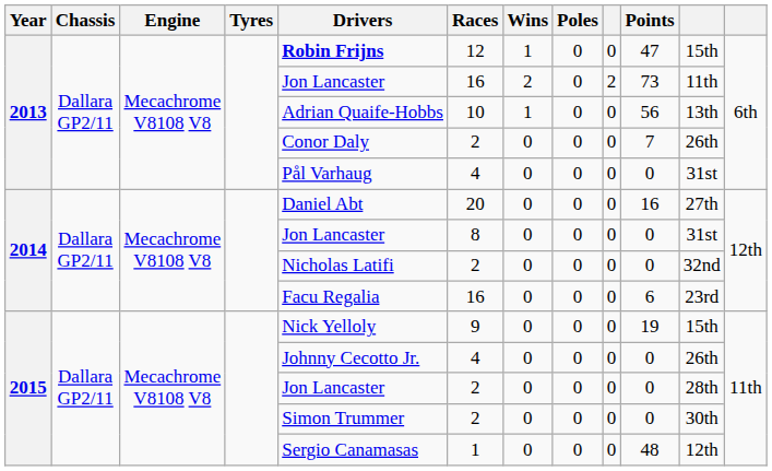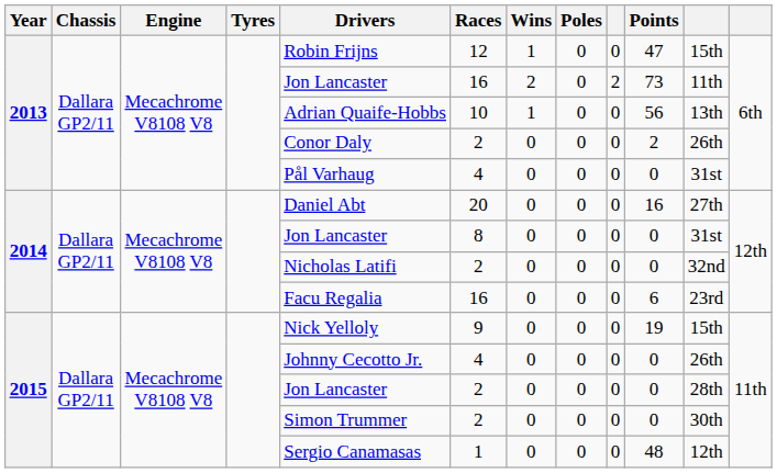 <table class="wikitable" style="font-size: 85%; text-align:center">
 <tr>
 <th>Year</th>
 <th>Chassis</th>
 <th>Engine</th>
 <th>Tyres</th>
 <th>Drivers</th>
 <th>Races</th>
 <th>Wins</th>
 <th>Poles</th>
 <th></th>
 <th>Points</th>
 <th></th>
 <th></th>
 </tr>
 <tr>
 <th rowspan=5><a href='#'>2013</a></th>
 <td rowspan=5><a href='#'>Dallara</a><br><a href='#'>GP2/11</a></td>
 <td rowspan=5><a href='#'>Mecachrome</a><br><a href='#'>V8108</a> <a href='#'>V8</a></td>
 <td rowspan=5></td>
-<td align=left><strong> <a href='#'>Robin Frijns</a></strong></td>
+<td align=left> <a href='#'>Robin Frijns</a></td>
 <td>12</td>
 <td>1</td>
 <td>0</td>
 <td>0</td>
 <td>47</td>
 <td>15th</td>
 <td rowspan=5>6th</td>
 </tr>
 <tr>
 <td align=left> <a href='#'>Jon Lancaster</a></td>
 <td>16</td>
 <td>2</td>
 <td>0</td>
 <td>2</td>
 <td>73</td>
 <td>11th</td>
 </tr>
 <tr>
 <td align=left> <a href='#'>Adrian Quaife-Hobbs</a></td>
 <td>10</td>
 <td>1</td>
 <td>0</td>
 <td>0</td>
 <td>56</td>
 <td>13th</td>
 </tr>
 <tr>
 <td align=left> <a href='#'>Conor Daly</a></td>
 <td>2</td>
 <td>0</td>
 <td>0</td>
 <td>0</td>
-<td>7</td>
+<td>2</td>
 <td>26th</td>
 </tr>
 <tr>
 <td align=left> <a href='#'>Pål Varhaug</a></td>
 <td>4</td>
 <td>0</td>
 <td>0</td>
 <td>0</td>
 <td>0</td>
 <td>31st</td>
 </tr>
 <tr>
 <th rowspan=4><a href='#'>2014</a></th>
 <td rowspan=4><a href='#'>Dallara</a><br><a href='#'>GP2/11</a></td>
 <td rowspan=4><a href='#'>Mecachrome</a><br><a href='#'>V8108</a> <a href='#'>V8</a></td>
 <td rowspan=4></td>
 <td align=left> <a href='#'>Daniel Abt</a></td>
 <td>20</td>
 <td>0</td>
 <td>0</td>
 <td>0</td>
 <td>16</td>
 <td>27th</td>
 <td rowspan=4>12th</td>
 </tr>
 <tr>
 <td align=left> <a href='#'>Jon Lancaster</a></td>
 <td>8</td>
 <td>0</td>
 <td>0</td>
 <td>0</td>
 <td>0</td>
 <td>31st</td>
 </tr>
 <tr>
 <td align=left> <a href='#'>Nicholas Latifi</a></td>
 <td>2</td>
 <td>0</td>
 <td>0</td>
 <td>0</td>
 <td>0</td>
 <td>32nd</td>
 </tr>
 <tr>
 <td align=left> <a href='#'>Facu Regalia</a></td>
 <td>16</td>
 <td>0</td>
 <td>0</td>
 <td>0</td>
 <td>6</td>
 <td>23rd</td>
 </tr>
 <tr>
 <th rowspan=5><a href='#'>2015</a></th>
 <td rowspan=5><a href='#'>Dallara</a><br><a href='#'>GP2/11</a></td>
 <td rowspan=5><a href='#'>Mecachrome</a><br><a href='#'>V8108</a> <a href='#'>V8</a></td>
 <td rowspan=5></td>
 <td align=left> <a href='#'>Nick Yelloly</a></td>
 <td>9</td>
 <td>0</td>
 <td>0</td>
 <td>0</td>
 <td>19</td>
 <td>15th</td>
 <td rowspan=5>11th</td>
 </tr>
 <tr>
 <td align=left> <a href='#'>Johnny Cecotto Jr.</a></td>
 <td>4</td>
 <td>0</td>
 <td>0</td>
 <td>0</td>
 <td>0</td>
 <td>26th</td>
 </tr>
 <tr>
 <td align=left> <a href='#'>Jon Lancaster</a></td>
 <td>2</td>
 <td>0</td>
 <td>0</td>
 <td>0</td>
 <td>0</td>
 <td>28th</td>
 </tr>
 <tr>
 <td align=left> <a href='#'>Simon Trummer</a></td>
 <td>2</td>
 <td>0</td>
 <td>0</td>
 <td>0</td>
 <td>0</td>
 <td>30th</td>
 </tr>
 <tr>
 <td align=left> <a href='#'>Sergio Canamasas</a></td>
 <td>1</td>
 <td>0</td>
 <td>0</td>
 <td>0</td>
 <td>48</td>
 <td>12th</td>
 </tr>
 </table>
